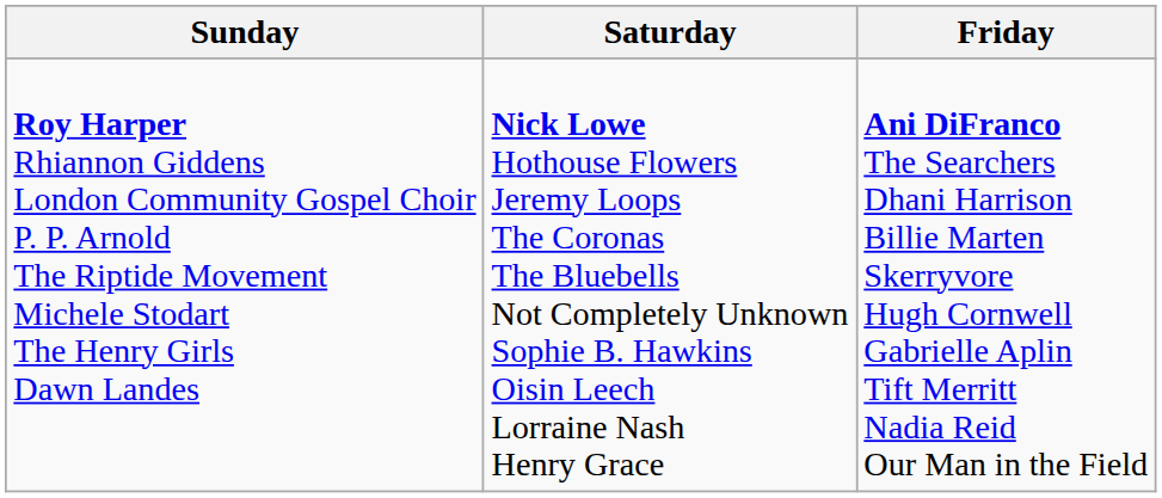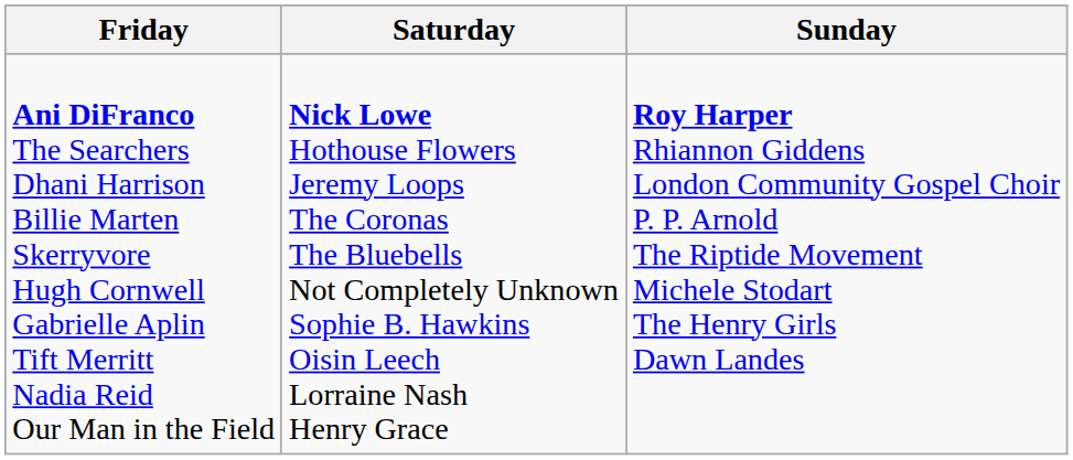 <table class="wikitable">
 <tr>
+<th>Friday</th>
+<th>Saturday</th>
 <th>Sunday</th>
-<th>Saturday</th>
-<th>Friday</th>
 </tr>
 <tr valign="top">
+<td><br><strong><a href='#'>Ani DiFranco</a></strong><br> <a href='#'>The Searchers</a><br> <a href='#'>Dhani Harrison</a><br> <a href='#'>Billie Marten</a><br> <a href='#'>Skerryvore</a><br> <a href='#'>Hugh Cornwell</a><br> <a href='#'>Gabrielle Aplin</a><br> <a href='#'>Tift Merritt</a><br> <a href='#'>Nadia Reid</a><br> Our Man in the Field</td>
+<td><br><strong><a href='#'>Nick Lowe</a></strong><br> <a href='#'>Hothouse Flowers</a><br> <a href='#'>Jeremy Loops</a><br> <a href='#'>The Coronas</a><br> <a href='#'>The Bluebells</a><br> Not Completely Unknown<br> <a href='#'>Sophie B. Hawkins</a><br> <a href='#'>Oisin Leech</a><br> Lorraine Nash<br> Henry Grace</td>
 <td><br><strong><a href='#'>Roy Harper</a></strong><br> <a href='#'>Rhiannon Giddens</a><br> <a href='#'>London Community Gospel Choir</a><br> <a href='#'>P. P. Arnold</a><br> <a href='#'>The Riptide Movement</a><br> <a href='#'>Michele Stodart</a><br> <a href='#'>The Henry Girls</a><br> <a href='#'>Dawn Landes</a></td>
-<td><br><strong><a href='#'>Nick Lowe</a></strong><br> <a href='#'>Hothouse Flowers</a><br> <a href='#'>Jeremy Loops</a><br> <a href='#'>The Coronas</a><br> <a href='#'>The Bluebells</a><br> Not Completely Unknown<br> <a href='#'>Sophie B. Hawkins</a><br> <a href='#'>Oisin Leech</a><br> Lorraine Nash<br> Henry Grace</td>
-<td><br><strong><a href='#'>Ani DiFranco</a></strong><br> <a href='#'>The Searchers</a><br> <a href='#'>Dhani Harrison</a><br> <a href='#'>Billie Marten</a><br> <a href='#'>Skerryvore</a><br> <a href='#'>Hugh Cornwell</a><br> <a href='#'>Gabrielle Aplin</a><br> <a href='#'>Tift Merritt</a><br> <a href='#'>Nadia Reid</a><br> Our Man in the Field</td>
 </tr>
 </table>
